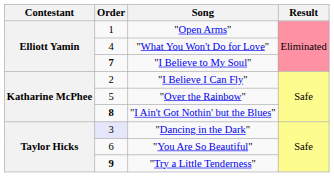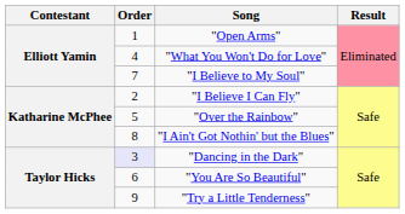 <table class="wikitable unsortable" style="text-align:center;">
 <tr>
 <th scope="col">Contestant</th>
 <th scope="col">Order</th>
 <th scope="col">Song</th>
 <th scope="col">Result</th>
 </tr>
 <tr>
 <th scope="row" rowspan="3">Elliott Yamin</th>
 <td>1</td>
 <td>"<a href='#'>Open Arms</a>"</td>
 <td rowspan="3" bgcolor="FF91A4">Eliminated</td>
 </tr>
 <tr>
 <td>4</td>
 <td>"<a href='#'>What You Won't Do for Love</a>"</td>
 </tr>
 <tr>
-<td><strong>7</strong></td>
+<td>7</td>
 <td>"<a href='#'>I Believe to My Soul</a>"</td>
 </tr>
 <tr>
 <th scope="row" rowspan="3">Katharine McPhee</th>
 <td>2</td>
 <td>"<a href='#'>I Believe I Can Fly</a>"</td>
 <td rowspan="3" style="background:#FDFC8F">Safe</td>
 </tr>
 <tr>
 <td>5</td>
 <td>"<a href='#'>Over the Rainbow</a>"</td>
 </tr>
 <tr>
-<td><strong>8</strong></td>
+<td>8</td>
 <td>"<a href='#'>I Ain't Got Nothin' but the Blues</a>"</td>
 </tr>
 <tr>
 <th scope="row" rowspan="3">Taylor Hicks</th>
 <td style="background: lavender;">3</td>
 <td>"<a href='#'>Dancing in the Dark</a>"</td>
 <td rowspan="3" style="background:#FDFC8F">Safe</td>
 </tr>
 <tr>
 <td>6</td>
 <td>"<a href='#'>You Are So Beautiful</a>"</td>
 </tr>
 <tr>
-<td><strong>9</strong></td>
+<td>9</td>
 <td>"<a href='#'>Try a Little Tenderness</a>"</td>
 </tr>
 </table>
